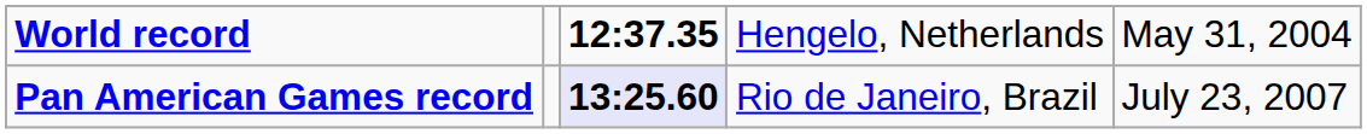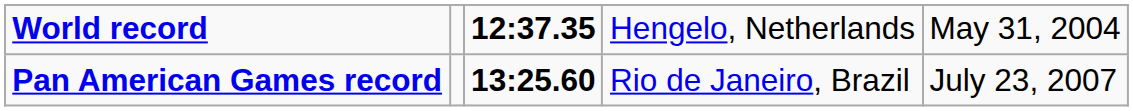 <table class="wikitable">
 <tr>
 <td><strong><a href='#'>World record</a></strong></td>
 <td></td>
 <td><strong>12:37.35</strong></td>
 <td><a href='#'>Hengelo</a>, Netherlands</td>
 <td>May 31, 2004</td>
 </tr>
 <tr>
 <td><strong><a href='#'>Pan American Games record</a></strong></td>
 <td></td>
-<td style="background: lavender;"><strong>13:25.60</strong></td>
+<td><strong>13:25.60</strong></td>
 <td><a href='#'>Rio de Janeiro</a>, Brazil</td>
 <td>July 23, 2007</td>
 </tr>
 </table>
